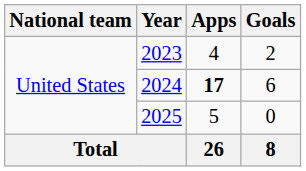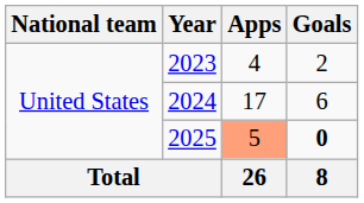 <table class="wikitable" style="text-align:center">
 <tr>
 <th>National team</th>
 <th>Year</th>
 <th>Apps</th>
 <th>Goals</th>
 </tr>
 <tr>
 <td rowspan=3><a href='#'>United States</a></td>
 <td><a href='#'>2023</a></td>
 <td>4</td>
 <td>2</td>
 </tr>
 <tr>
 <td><a href='#'>2024</a></td>
-<td><strong>17</strong></td>
+<td>17</td>
 <td>6</td>
 </tr>
 <tr>
 <td><a href='#'>2025</a></td>
-<td>5</td>
-<td>0</td>
+<td style="background: lightsalmon;">5</td>
+<td><strong>0</strong></td>
 </tr>
 <tr>
 <th colspan=2>Total</th>
 <th>26</th>
 <th>8</th>
 </tr>
 </table>
